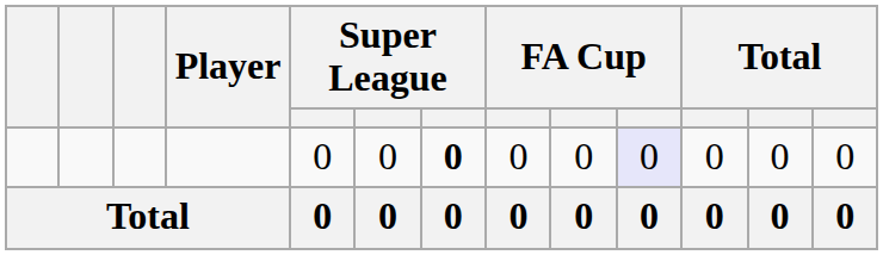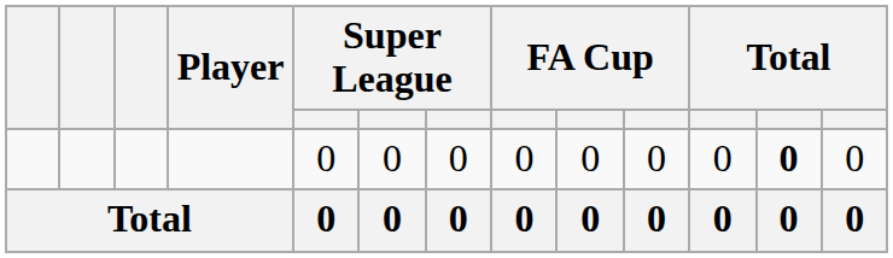 <table class="wikitable sortable" style="text-align:center;">
 <tr>
 <th rowspan=2 width=15></th>
 <th rowspan=2 width=15></th>
 <th rowspan=2 width=15></th>
 <th rowspan=2>Player</th>
 <th colspan="3" style="text-align:center;"><strong>Super League</strong></th>
 <th colspan="3" style="text-align:center;"><strong>FA Cup</strong></th>
 <th colspan="3" style="text-align:center;"><strong>Total</strong></th>
 </tr>
 <tr>
 <th width=20></th>
 <th width=20></th>
 <th width=20></th>
 <th width=20></th>
 <th width=20></th>
 <th width=20></th>
 <th width=20></th>
 <th width=20></th>
 <th width=20></th>
 </tr>
 <tr>
 <td></td>
 <td></td>
 <td></td>
 <td></td>
 <td>0</td>
 <td>0</td>
-<td><strong>0</strong></td>
 <td>0</td>
 <td>0</td>
-<td style="background: lavender;">0</td>
 <td>0</td>
 <td>0</td>
+<td>0</td>
+<td><strong>0</strong></td>
 <td>0</td>
 </tr>
 <tr>
 <th colspan="4"><strong>Total</strong></th>
 <th><strong>0</strong></th>
 <th><strong>0</strong></th>
 <th><strong>0</strong></th>
 <th><strong>0</strong></th>
 <th><strong>0</strong></th>
 <th><strong>0</strong></th>
 <th><strong>0</strong></th>
 <th><strong>0</strong></th>
 <th><strong>0</strong></th>
 </tr>
 </table>
